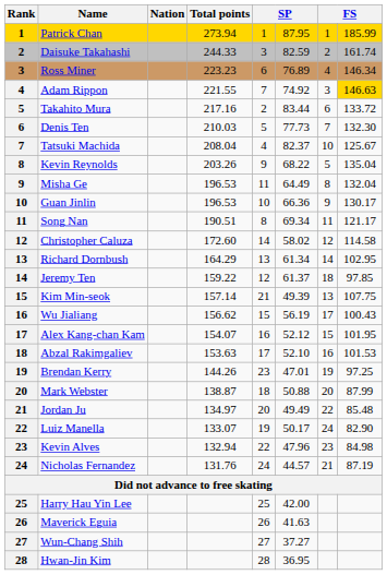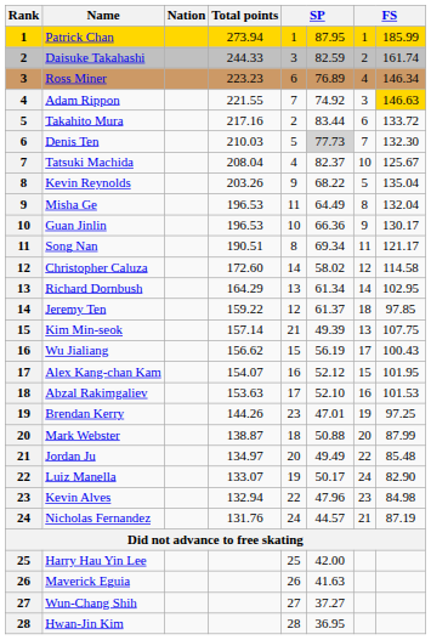 <table class="wikitable sortable">
 <tr>
 <th>Rank</th>
 <th>Name</th>
 <th>Nation</th>
 <th>Total points</th>
 <th colspan="2" width="80px"><a href='#'>SP</a></th>
 <th colspan="2" width="80px"><a href='#'>FS</a></th>
 </tr>
 <tr bgcolor="gold">
 <td align="center"><strong>1</strong></td>
 <td><a href='#'>Patrick Chan</a></td>
 <td></td>
 <td align="center">273.94</td>
 <td align="center">1</td>
 <td align="center">87.95</td>
 <td align="center">1</td>
 <td align="center">185.99</td>
 </tr>
 <tr bgcolor="silver">
 <td align="center"><strong>2</strong></td>
 <td><a href='#'>Daisuke Takahashi</a></td>
 <td></td>
 <td align="center">244.33</td>
 <td align="center">3</td>
 <td align="center">82.59</td>
 <td align="center">2</td>
 <td align="center">161.74</td>
 </tr>
 <tr bgcolor="cc9966">
 <td align="center"><strong>3</strong></td>
 <td><a href='#'>Ross Miner</a></td>
 <td></td>
 <td align="center">223.23</td>
 <td align="center">6</td>
 <td align="center">76.89</td>
 <td align="center">4</td>
 <td align="center">146.34</td>
 </tr>
 <tr>
 <th>4</th>
 <td><a href='#'>Adam Rippon</a></td>
 <td></td>
 <td align="center">221.55</td>
 <td align="center">7</td>
 <td align="center">74.92</td>
 <td align="center">3</td>
 <td align="center" style="background: gold;">146.63</td>
 </tr>
 <tr>
 <th>5</th>
 <td><a href='#'>Takahito Mura</a></td>
 <td></td>
 <td align="center">217.16</td>
 <td align="center">2</td>
 <td align="center">83.44</td>
 <td align="center">6</td>
 <td align="center">133.72</td>
 </tr>
 <tr>
 <th>6</th>
 <td><a href='#'>Denis Ten</a></td>
 <td></td>
 <td align="center">210.03</td>
 <td align="center">5</td>
-<td align="center">77.73</td>
+<td align="center" style="background: lightgrey;">77.73</td>
 <td align="center">7</td>
 <td align="center">132.30</td>
 </tr>
 <tr>
 <th>7</th>
 <td><a href='#'>Tatsuki Machida</a></td>
 <td></td>
 <td align="center">208.04</td>
 <td align="center">4</td>
 <td align="center">82.37</td>
 <td align="center">10</td>
 <td align="center">125.67</td>
 </tr>
 <tr>
 <th>8</th>
 <td><a href='#'>Kevin Reynolds</a></td>
 <td></td>
 <td align="center">203.26</td>
 <td align="center">9</td>
 <td align="center">68.22</td>
 <td align="center">5</td>
 <td align="center">135.04</td>
 </tr>
 <tr>
 <th>9</th>
 <td><a href='#'>Misha Ge</a></td>
 <td></td>
 <td align="center">196.53</td>
 <td align="center">11</td>
 <td align="center">64.49</td>
 <td align="center">8</td>
 <td align="center">132.04</td>
 </tr>
 <tr>
 <th>10</th>
 <td><a href='#'>Guan Jinlin</a></td>
 <td></td>
 <td align="center">196.53</td>
 <td align="center">10</td>
 <td align="center">66.36</td>
 <td align="center">9</td>
 <td align="center">130.17</td>
 </tr>
 <tr>
 <th>11</th>
 <td><a href='#'>Song Nan</a></td>
 <td></td>
 <td align="center">190.51</td>
 <td align="center">8</td>
 <td align="center">69.34</td>
 <td align="center">11</td>
 <td align="center">121.17</td>
 </tr>
 <tr>
 <th>12</th>
 <td><a href='#'>Christopher Caluza</a></td>
 <td></td>
 <td align="center">172.60</td>
 <td align="center">14</td>
 <td align="center">58.02</td>
 <td align="center">12</td>
 <td align="center">114.58</td>
 </tr>
 <tr>
 <th>13</th>
 <td><a href='#'>Richard Dornbush</a></td>
 <td></td>
 <td align="center">164.29</td>
 <td align="center">13</td>
 <td align="center">61.34</td>
 <td align="center">14</td>
 <td align="center">102.95</td>
 </tr>
 <tr>
 <th>14</th>
 <td><a href='#'>Jeremy Ten</a></td>
 <td></td>
 <td align="center">159.22</td>
 <td align="center">12</td>
 <td align="center">61.37</td>
 <td align="center">18</td>
 <td align="center">97.85</td>
 </tr>
 <tr>
 <th>15</th>
 <td><a href='#'>Kim Min-seok</a></td>
 <td></td>
 <td align="center">157.14</td>
 <td align="center">21</td>
 <td align="center">49.39</td>
 <td align="center">13</td>
 <td align="center">107.75</td>
 </tr>
 <tr>
 <th>16</th>
 <td><a href='#'>Wu Jialiang</a></td>
 <td></td>
 <td align="center">156.62</td>
 <td align="center">15</td>
 <td align="center">56.19</td>
 <td align="center">17</td>
 <td align="center">100.43</td>
 </tr>
 <tr>
 <th>17</th>
 <td><a href='#'>Alex Kang-chan Kam</a></td>
 <td></td>
 <td align="center">154.07</td>
 <td align="center">16</td>
 <td align="center">52.12</td>
 <td align="center">15</td>
 <td align="center">101.95</td>
 </tr>
 <tr>
 <th>18</th>
 <td><a href='#'>Abzal Rakimgaliev</a></td>
 <td></td>
 <td align="center">153.63</td>
 <td align="center">17</td>
 <td align="center">52.10</td>
 <td align="center">16</td>
 <td align="center">101.53</td>
 </tr>
 <tr>
 <th>19</th>
 <td><a href='#'>Brendan Kerry</a></td>
 <td></td>
 <td align="center">144.26</td>
 <td align="center">23</td>
 <td align="center">47.01</td>
 <td align="center">19</td>
 <td align="center">97.25</td>
 </tr>
 <tr>
 <th>20</th>
 <td><a href='#'>Mark Webster</a></td>
 <td></td>
 <td align="center">138.87</td>
 <td align="center">18</td>
 <td align="center">50.88</td>
 <td align="center">20</td>
 <td align="center">87.99</td>
 </tr>
 <tr>
 <th>21</th>
 <td><a href='#'>Jordan Ju</a></td>
 <td></td>
 <td align="center">134.97</td>
 <td align="center">20</td>
 <td align="center">49.49</td>
 <td align="center">22</td>
 <td align="center">85.48</td>
 </tr>
 <tr>
 <th>22</th>
 <td><a href='#'>Luiz Manella</a></td>
 <td></td>
 <td align="center">133.07</td>
 <td align="center">19</td>
 <td align="center">50.17</td>
 <td align="center">24</td>
 <td align="center">82.90</td>
 </tr>
 <tr>
 <th>23</th>
 <td><a href='#'>Kevin Alves</a></td>
 <td></td>
 <td align="center">132.94</td>
 <td align="center">22</td>
 <td align="center">47.96</td>
 <td align="center">23</td>
 <td align="center">84.98</td>
 </tr>
 <tr>
 <th>24</th>
 <td><a href='#'>Nicholas Fernandez</a></td>
 <td></td>
 <td align="center">131.76</td>
 <td align="center">24</td>
 <td align="center">44.57</td>
 <td align="center">21</td>
 <td align="center">87.19</td>
 </tr>
 <tr>
 <th colspan="8">Did not advance to free skating</th>
 </tr>
 <tr>
 <th>25</th>
 <td><a href='#'>Harry Hau Yin Lee</a></td>
 <td></td>
 <td align="center"></td>
 <td align="center">25</td>
 <td align="center">42.00</td>
 <td align="center"></td>
 <td align="center"></td>
 </tr>
 <tr>
 <th>26</th>
 <td><a href='#'>Maverick Eguia</a></td>
 <td></td>
 <td align="center"></td>
 <td align="center">26</td>
 <td align="center">41.63</td>
 <td align="center"></td>
 <td align="center"></td>
 </tr>
 <tr>
 <th>27</th>
 <td><a href='#'>Wun-Chang Shih</a></td>
 <td></td>
 <td align="center"></td>
 <td align="center">27</td>
 <td align="center">37.27</td>
 <td align="center"></td>
 <td align="center"></td>
 </tr>
 <tr>
 <th>28</th>
 <td><a href='#'>Hwan-Jin Kim</a></td>
 <td></td>
 <td align="center"></td>
 <td align="center">28</td>
 <td align="center">36.95</td>
 <td align="center"></td>
 <td align="center"></td>
 </tr>
 </table>
